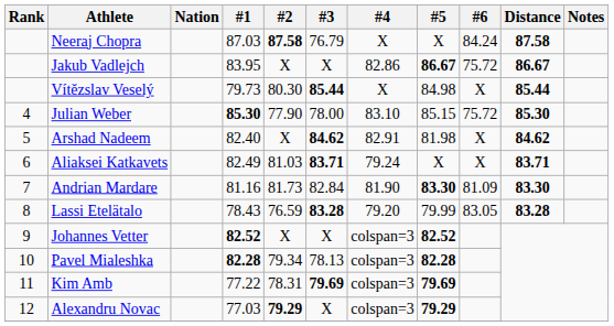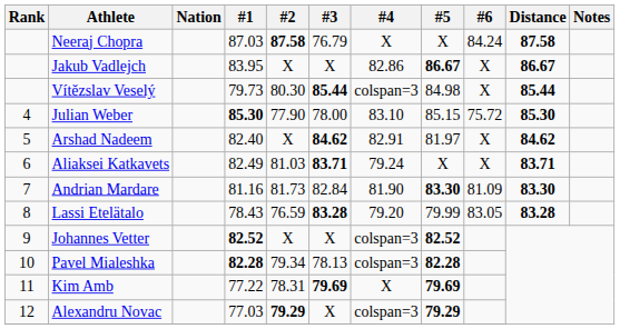 <table class="wikitable sortable" style="text-align:center">
 <tr>
 <th>Rank</th>
 <th>Athlete</th>
 <th>Nation</th>
 <th>#1</th>
 <th>#2</th>
 <th>#3</th>
 <th>#4</th>
 <th>#5</th>
 <th>#6</th>
 <th>Distance</th>
 <th>Notes</th>
 </tr>
 <tr>
 <td></td>
 <td align="left"><a href='#'>Neeraj Chopra</a></td>
 <td align="left"></td>
 <td>87.03</td>
 <td><strong>87.58</strong></td>
 <td>76.79</td>
 <td data-sort-value=1.00>X</td>
 <td data-sort-value=1.00>X</td>
 <td>84.24</td>
 <td><strong>87.58</strong></td>
 <td></td>
 </tr>
 <tr>
 <td></td>
 <td align="left"><a href='#'>Jakub Vadlejch</a></td>
 <td align="left"></td>
 <td>83.95</td>
 <td data-sort-value=1.00>X</td>
 <td data-sort-value=1.00>X</td>
 <td>82.86</td>
 <td><strong>86.67</strong></td>
-<td>75.72</td>
+<td data-sort-value=1.00>X</td>
 <td><strong>86.67</strong></td>
 <td></td>
 </tr>
 <tr>
 <td></td>
 <td align="left"><a href='#'>Vítězslav Veselý</a></td>
 <td align="left"></td>
 <td>79.73</td>
 <td>80.30</td>
 <td><strong>85.44</strong></td>
-<td data-sort-value=1.00>X</td>
+<td>colspan=3</td>
 <td>84.98</td>
 <td data-sort-value=1.00>X</td>
 <td><strong>85.44</strong></td>
 <td></td>
 </tr>
 <tr>
 <td>4</td>
 <td align="left"><a href='#'>Julian Weber</a></td>
 <td align="left"></td>
 <td><strong>85.30</strong></td>
 <td>77.90</td>
 <td>78.00</td>
 <td>83.10</td>
 <td>85.15</td>
 <td>75.72</td>
 <td><strong>85.30</strong></td>
 <td></td>
 </tr>
 <tr>
 <td>5</td>
 <td align="left"><a href='#'>Arshad Nadeem</a></td>
 <td align="left"></td>
 <td>82.40</td>
 <td data-sort-value=1.00>X</td>
 <td><strong>84.62</strong></td>
 <td>82.91</td>
-<td>81.98</td>
+<td>81.97</td>
 <td data-sort-value=1.00>X</td>
 <td><strong>84.62</strong></td>
 <td></td>
 </tr>
 <tr>
 <td>6</td>
 <td align="left"><a href='#'>Aliaksei Katkavets</a></td>
 <td align="left"></td>
 <td>82.49</td>
 <td>81.03</td>
 <td><strong>83.71</strong></td>
 <td>79.24</td>
 <td data-sort-value=1.00>X</td>
 <td data-sort-value=1.00>X</td>
 <td><strong>83.71</strong></td>
 <td></td>
 </tr>
 <tr>
 <td>7</td>
 <td align="left"><a href='#'>Andrian Mardare</a></td>
 <td align="left"></td>
 <td>81.16</td>
 <td>81.73</td>
 <td>82.84</td>
 <td>81.90</td>
 <td><strong>83.30</strong></td>
 <td>81.09</td>
 <td><strong>83.30</strong></td>
 <td></td>
 </tr>
 <tr>
 <td>8</td>
 <td align="left"><a href='#'>Lassi Etelätalo</a></td>
 <td align="left"></td>
 <td>78.43</td>
 <td>76.59</td>
 <td><strong>83.28</strong></td>
 <td>79.20</td>
 <td>79.99</td>
 <td>83.05</td>
 <td><strong>83.28</strong></td>
 <td></td>
 </tr>
 <tr>
 <td>9</td>
 <td align="left"><a href='#'>Johannes Vetter</a></td>
 <td align="left"></td>
 <td><strong>82.52</strong></td>
 <td data-sort-value=1.00>X</td>
 <td data-sort-value=1.00>X</td>
 <td>colspan=3 </td>
 <td><strong>82.52</strong></td>
 <td></td>
 </tr>
 <tr>
 <td>10</td>
 <td align="left"><a href='#'>Pavel Mialeshka</a></td>
 <td align="left"></td>
 <td><strong>82.28</strong></td>
 <td>79.34</td>
 <td>78.13</td>
 <td>colspan=3</td>
 <td><strong>82.28</strong></td>
 <td></td>
 </tr>
 <tr>
 <td>11</td>
 <td align="left"><a href='#'>Kim Amb</a></td>
 <td align="left"></td>
 <td>77.22</td>
 <td>78.31</td>
 <td><strong>79.69</strong></td>
-<td>colspan=3</td>
+<td data-sort-value=1.00>X</td>
 <td><strong>79.69</strong></td>
 <td></td>
 </tr>
 <tr>
 <td>12</td>
 <td align="left"><a href='#'>Alexandru Novac</a></td>
 <td align="left"></td>
 <td>77.03</td>
 <td><strong>79.29</strong></td>
 <td data-sort-value=1.00>X</td>
 <td>colspan=3</td>
 <td><strong>79.29</strong></td>
 <td></td>
 </tr>
 <tr>
 </tr>
 </table>
